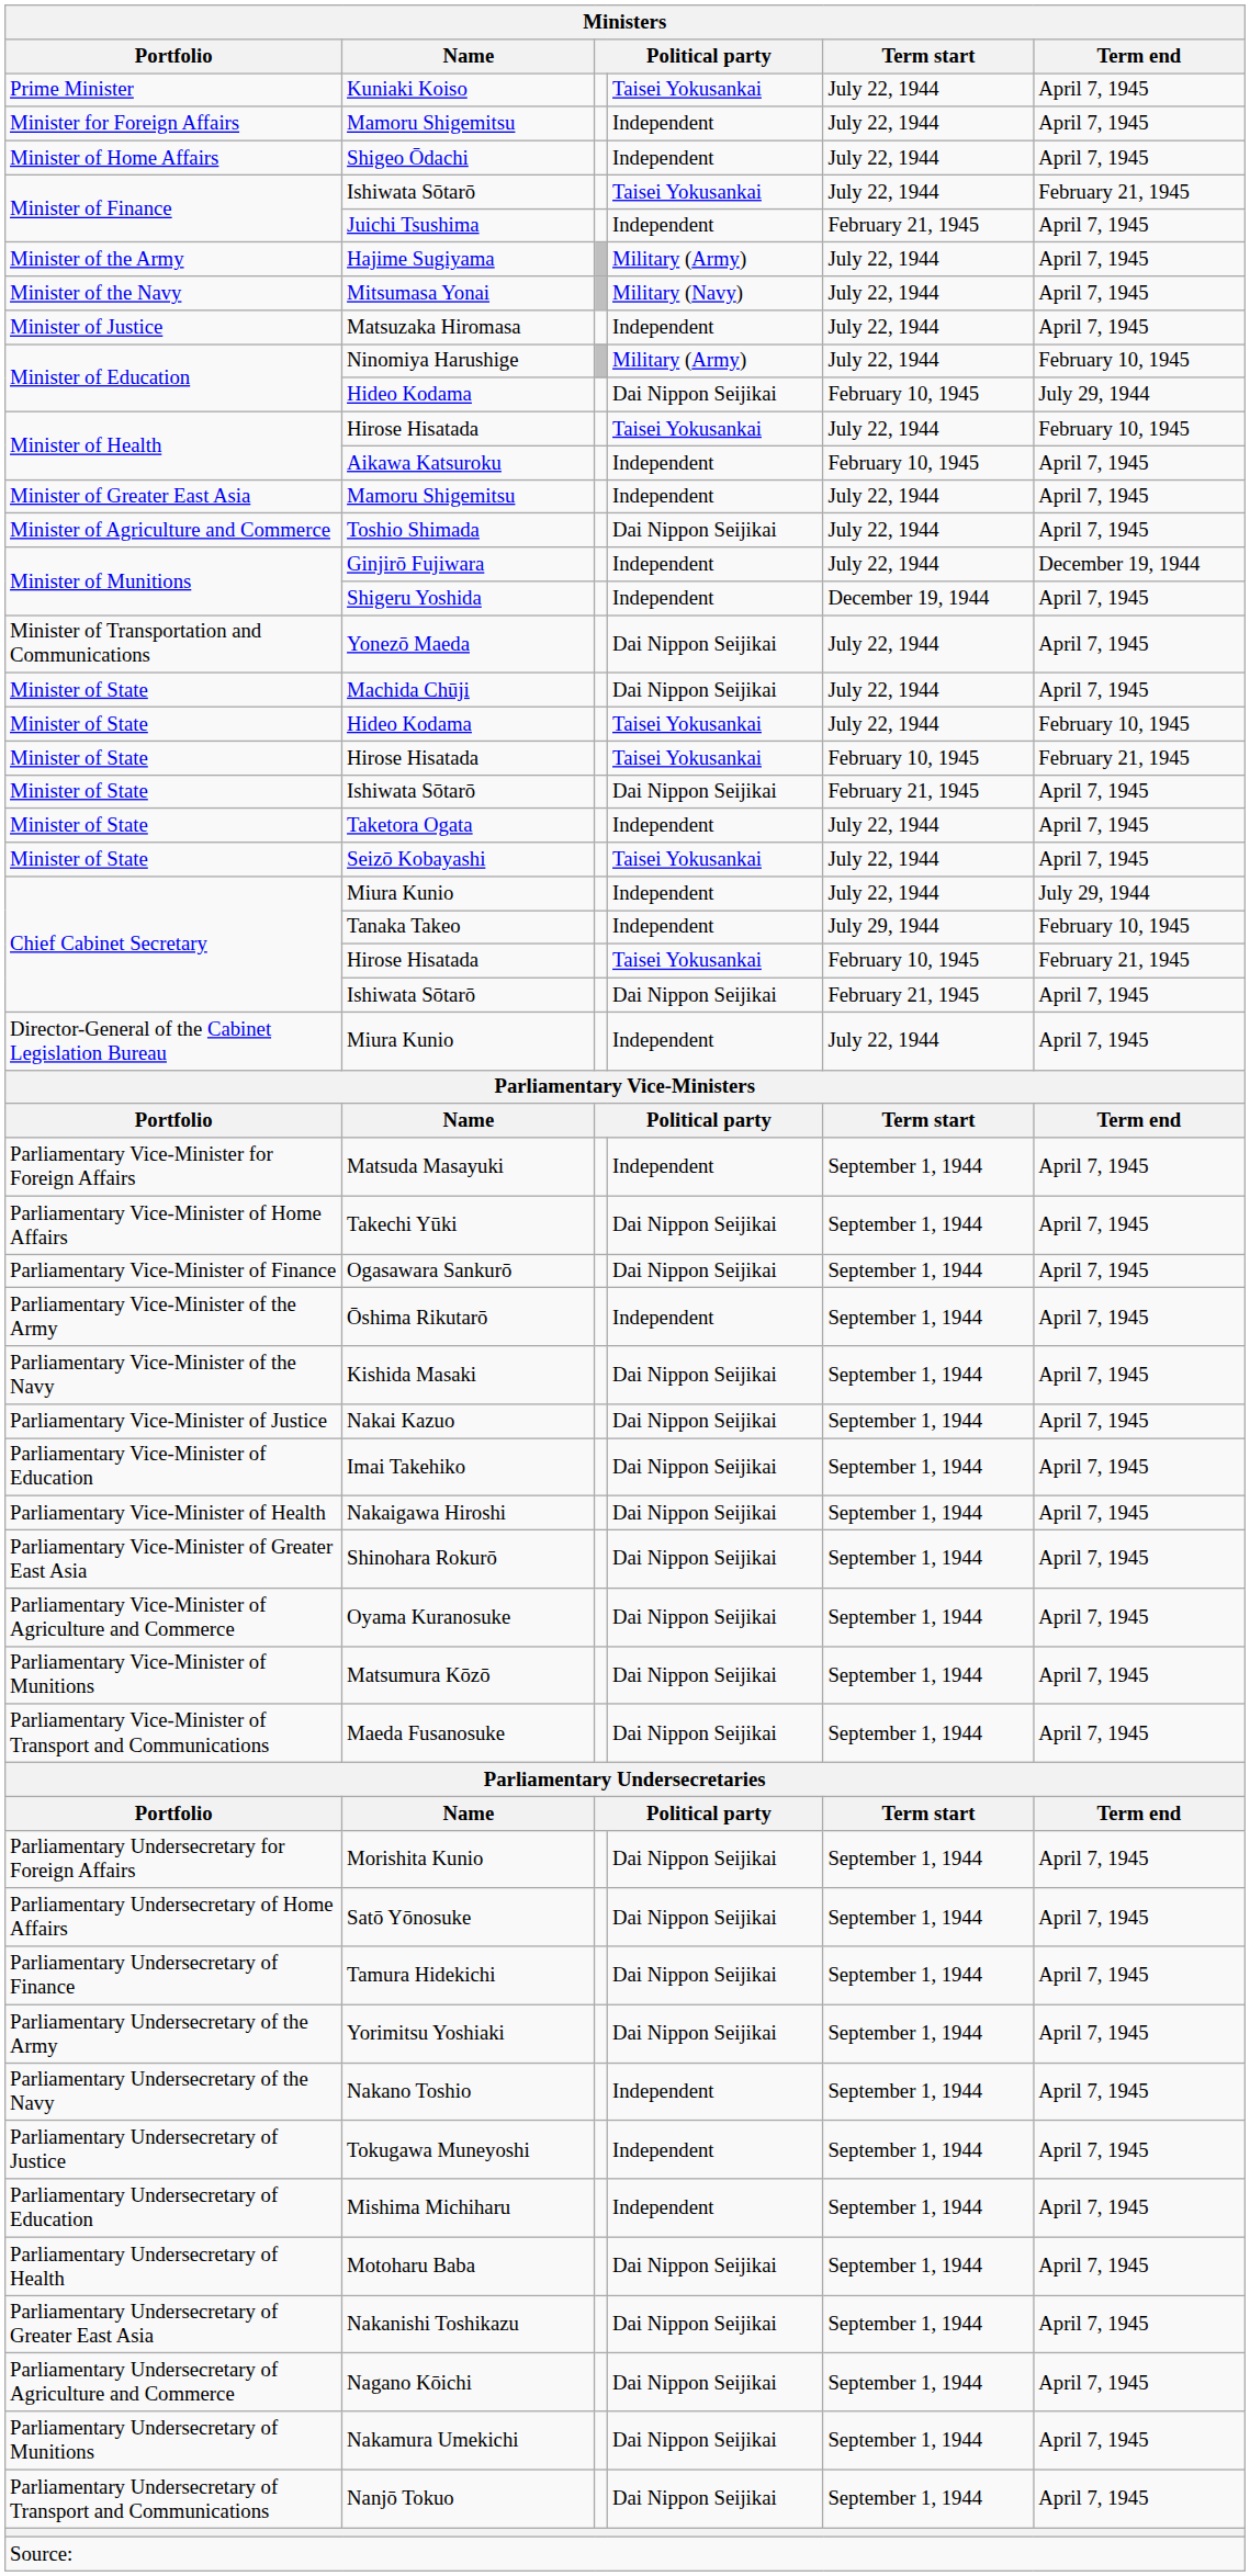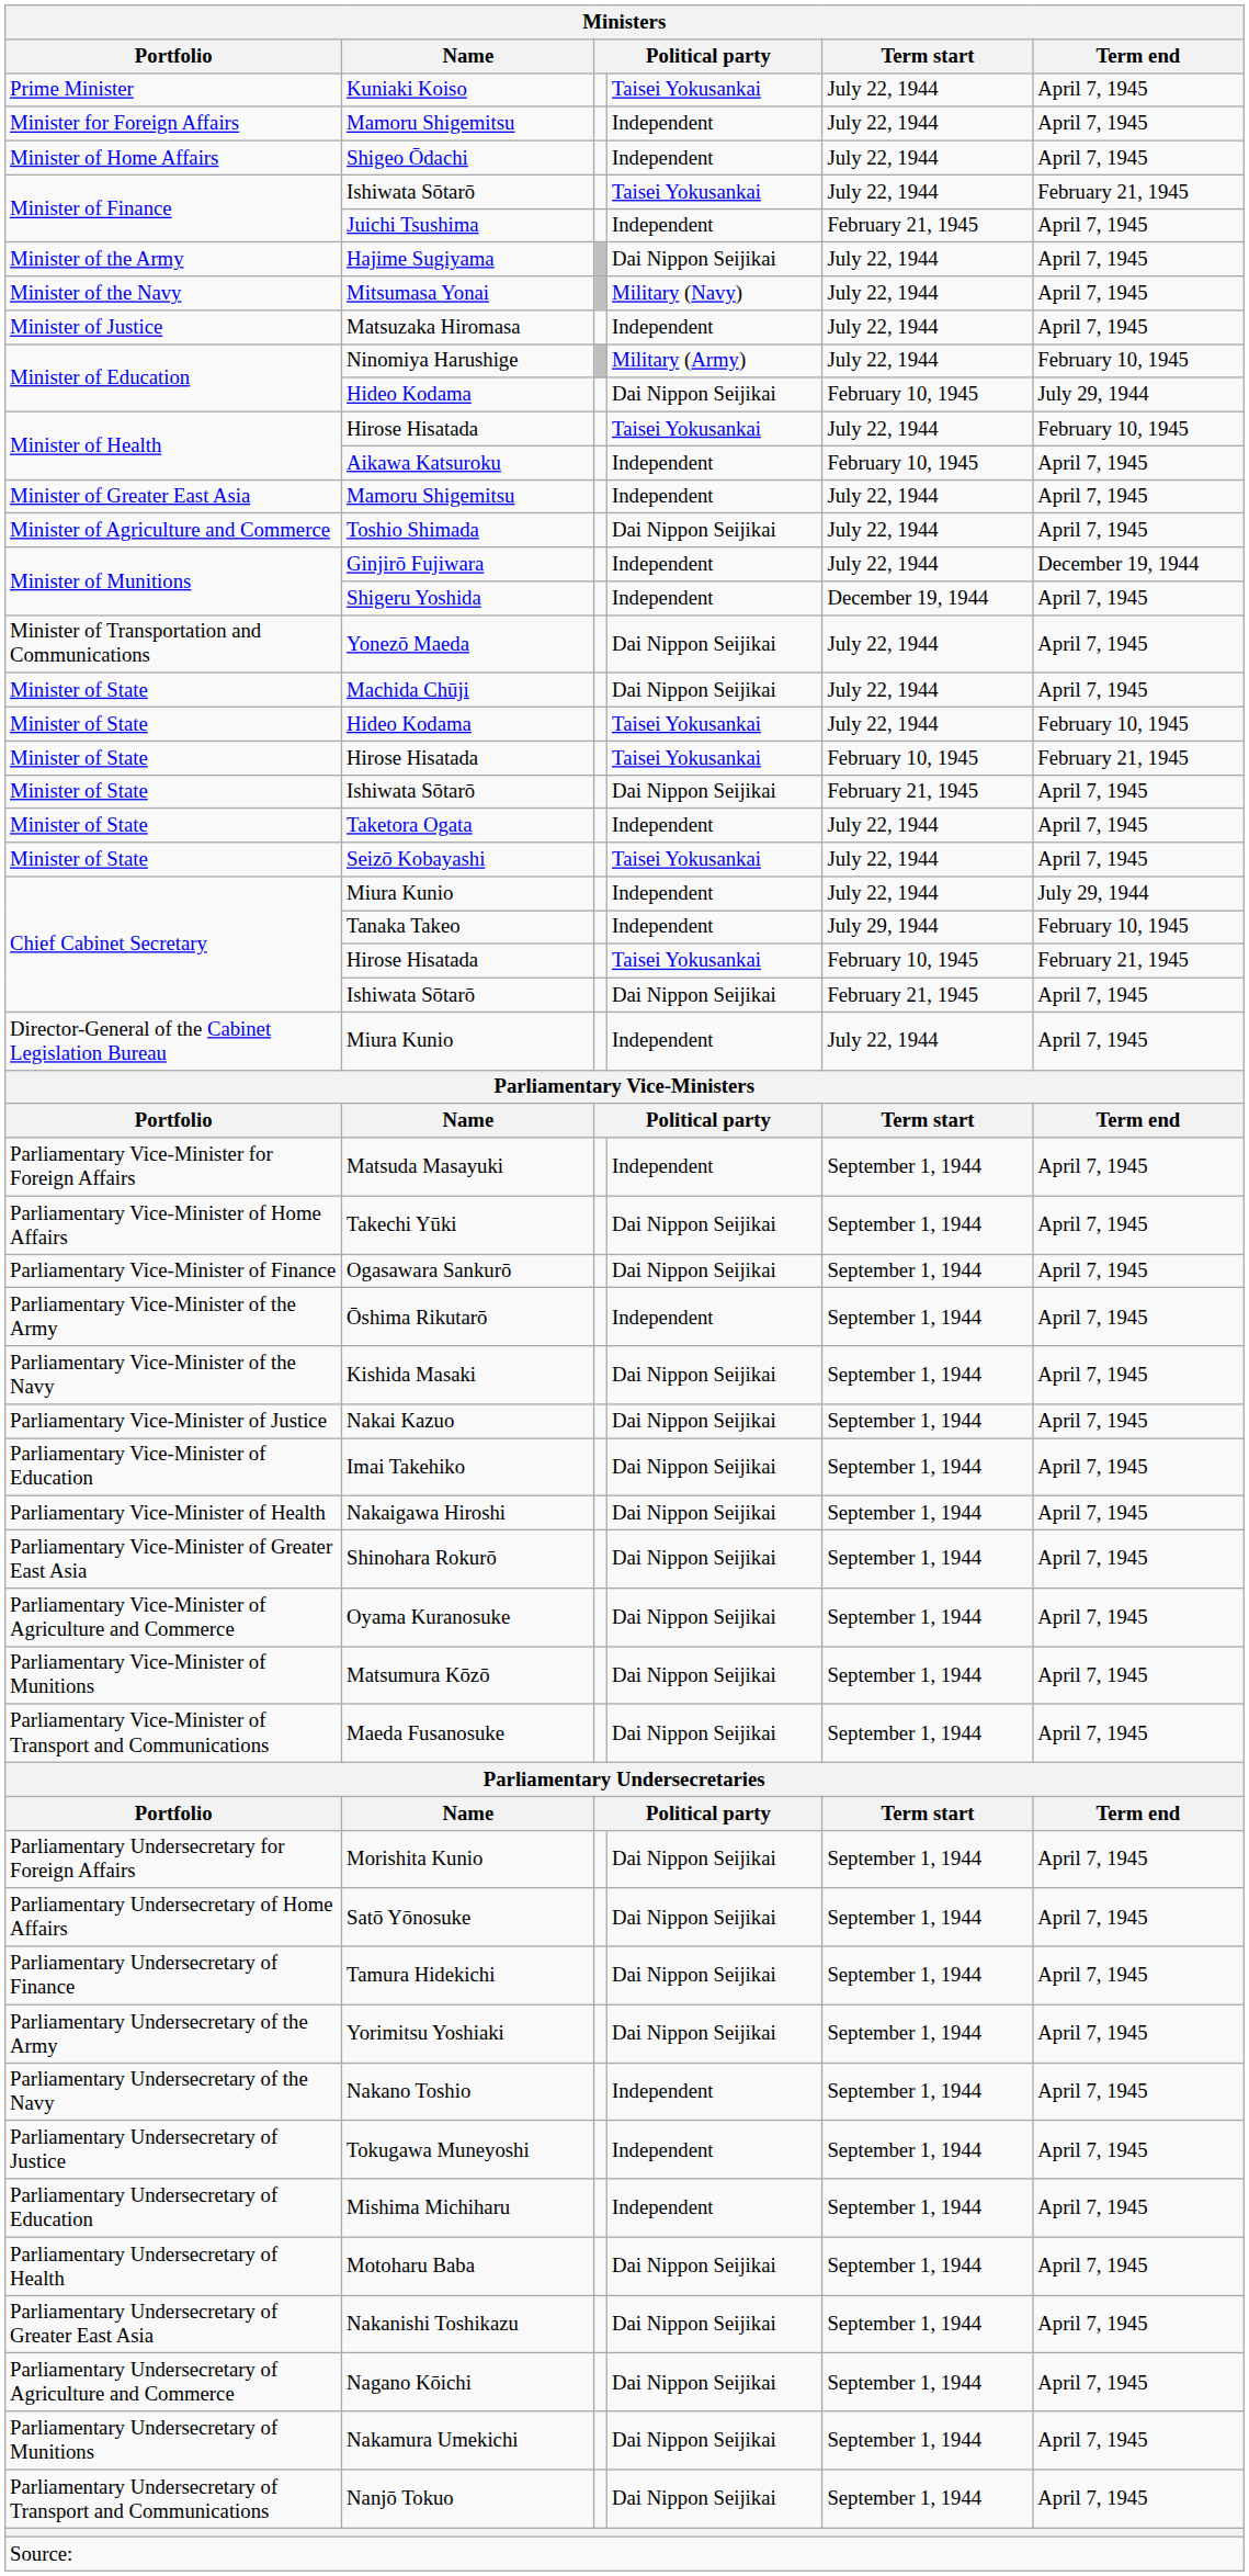 <table class="wikitable unsortable" style="font-size: 90%;">
 <tr>
 <th colspan="6">Ministers</th>
 </tr>
 <tr>
 <th scope="col" width="20%">Portfolio</th>
 <th scope="col" width="15%">Name</th>
 <th colspan="2" scope="col" width="13.5%">Political party</th>
 <th scope="col" width="12.5%">Term start</th>
 <th scope="col" width="12.5%">Term end</th>
 </tr>
 <tr>
 <td style="text-align: left;"><a href='#'>Prime Minister</a></td>
 <td><a href='#'>Kuniaki Koiso</a></td>
 <td style="color:inherit;background:"></td>
 <td><a href='#'>Taisei Yokusankai</a></td>
 <td>July 22, 1944</td>
 <td>April 7, 1945</td>
 </tr>
 <tr>
 <td><a href='#'>Minister for Foreign Affairs</a></td>
 <td><a href='#'>Mamoru Shigemitsu</a></td>
 <td style="color:inherit;background:"></td>
 <td>Independent</td>
 <td>July 22, 1944</td>
 <td>April 7, 1945</td>
 </tr>
 <tr>
 <td><a href='#'>Minister of Home Affairs</a></td>
 <td><a href='#'>Shigeo Ōdachi</a></td>
 <td style="color:inherit;background:"></td>
 <td>Independent</td>
 <td>July 22, 1944</td>
 <td>April 7, 1945</td>
 </tr>
 <tr>
 <td rowspan="2"><a href='#'>Minister of Finance</a></td>
 <td>Ishiwata Sōtarō</td>
 <td style="color:inherit;background:"></td>
 <td><a href='#'>Taisei Yokusankai</a></td>
 <td>July 22, 1944</td>
 <td>February 21, 1945</td>
 </tr>
 <tr>
 <td><a href='#'>Juichi Tsushima</a></td>
 <td style="color:inherit;background:"></td>
 <td>Independent</td>
 <td>February 21, 1945</td>
 <td>April 7, 1945</td>
 </tr>
 <tr>
 <td><a href='#'>Minister of the Army</a></td>
 <td><a href='#'>Hajime Sugiyama</a></td>
 <td style="color:inherit;background:#bfbfbf"></td>
-<td><a href='#'>Military</a> (<a href='#'>Army</a>)</td>
+<td>Dai Nippon Seijikai</td>
 <td>July 22, 1944</td>
 <td>April 7, 1945</td>
 </tr>
 <tr>
 <td><a href='#'>Minister of the Navy</a></td>
 <td><a href='#'>Mitsumasa Yonai</a></td>
 <td style="color:inherit;background:#bfbfbf"></td>
 <td><a href='#'>Military</a> (<a href='#'>Navy</a>)</td>
 <td>July 22, 1944</td>
 <td>April 7, 1945</td>
 </tr>
 <tr>
 <td><a href='#'>Minister of Justice</a></td>
 <td>Matsuzaka Hiromasa</td>
 <td style="color:inherit;background:"></td>
 <td>Independent</td>
 <td>July 22, 1944</td>
 <td>April 7, 1945</td>
 </tr>
 <tr>
 <td rowspan="2"><a href='#'>Minister of Education</a></td>
 <td>Ninomiya Harushige</td>
 <td style="color:inherit;background:#bfbfbf"></td>
 <td><a href='#'>Military</a> (<a href='#'>Army</a>)</td>
 <td>July 22, 1944</td>
 <td>February 10, 1945</td>
 </tr>
 <tr>
 <td><a href='#'>Hideo Kodama</a></td>
 <td style="color:inherit;background:"></td>
 <td>Dai Nippon Seijikai</td>
 <td>February 10, 1945</td>
 <td>July 29, 1944</td>
 </tr>
 <tr>
 <td rowspan="2"><a href='#'>Minister of Health</a></td>
 <td>Hirose Hisatada</td>
 <td style="color:inherit;background:"></td>
 <td><a href='#'>Taisei Yokusankai</a></td>
 <td>July 22, 1944</td>
 <td>February 10, 1945</td>
 </tr>
 <tr>
 <td><a href='#'>Aikawa Katsuroku</a></td>
 <td style="color:inherit;background:"></td>
 <td>Independent</td>
 <td>February 10, 1945</td>
 <td>April 7, 1945</td>
 </tr>
 <tr>
 <td><a href='#'>Minister of Greater East Asia</a></td>
 <td><a href='#'>Mamoru Shigemitsu</a></td>
 <td style="color:inherit;background:"></td>
 <td>Independent</td>
 <td>July 22, 1944</td>
 <td>April 7, 1945</td>
 </tr>
 <tr>
 <td><a href='#'>Minister of Agriculture and Commerce</a></td>
 <td><a href='#'>Toshio Shimada</a></td>
 <td style="color:inherit;background:"></td>
 <td>Dai Nippon Seijikai</td>
 <td>July 22, 1944</td>
 <td>April 7, 1945</td>
 </tr>
 <tr>
 <td rowspan="2"><a href='#'>Minister of Munitions</a></td>
 <td><a href='#'>Ginjirō Fujiwara</a></td>
 <td style="color:inherit;background:"></td>
 <td>Independent</td>
 <td>July 22, 1944</td>
 <td>December 19, 1944</td>
 </tr>
 <tr>
 <td><a href='#'>Shigeru Yoshida</a></td>
 <td style="color:inherit;background:"></td>
 <td>Independent</td>
 <td>December 19, 1944</td>
 <td>April 7, 1945</td>
 </tr>
 <tr>
 <td>Minister of Transportation and Communications</td>
 <td><a href='#'>Yonezō Maeda</a></td>
 <td style="color:inherit;background:"></td>
 <td>Dai Nippon Seijikai</td>
 <td>July 22, 1944</td>
 <td>April 7, 1945</td>
 </tr>
 <tr>
 <td><a href='#'>Minister of State</a></td>
 <td><a href='#'>Machida Chūji</a></td>
 <td style="color:inherit;background:"></td>
 <td>Dai Nippon Seijikai</td>
 <td>July 22, 1944</td>
 <td>April 7, 1945</td>
 </tr>
 <tr>
 <td><a href='#'>Minister of State</a></td>
 <td><a href='#'>Hideo Kodama</a></td>
 <td style="color:inherit;background:"></td>
 <td><a href='#'>Taisei Yokusankai</a></td>
 <td>July 22, 1944</td>
 <td>February 10, 1945</td>
 </tr>
 <tr>
 <td><a href='#'>Minister of State</a></td>
 <td>Hirose Hisatada</td>
 <td style="color:inherit;background:"></td>
 <td><a href='#'>Taisei Yokusankai</a></td>
 <td>February 10, 1945</td>
 <td>February 21, 1945</td>
 </tr>
 <tr>
 <td><a href='#'>Minister of State</a></td>
 <td>Ishiwata Sōtarō</td>
 <td style="color:inherit;background:"></td>
 <td>Dai Nippon Seijikai</td>
 <td>February 21, 1945</td>
 <td>April 7, 1945</td>
 </tr>
 <tr>
 <td><a href='#'>Minister of State</a></td>
 <td><a href='#'>Taketora Ogata</a></td>
 <td style="color:inherit;background:"></td>
 <td>Independent</td>
 <td>July 22, 1944</td>
 <td>April 7, 1945</td>
 </tr>
 <tr>
 <td><a href='#'>Minister of State</a></td>
 <td><a href='#'>Seizō Kobayashi</a></td>
 <td style="color:inherit;background:"></td>
 <td><a href='#'>Taisei Yokusankai</a></td>
 <td>July 22, 1944</td>
 <td>April 7, 1945</td>
 </tr>
 <tr>
 <td rowspan="4"><a href='#'>Chief Cabinet Secretary</a></td>
 <td>Miura Kunio</td>
 <td style="color:inherit;background:"></td>
 <td>Independent</td>
 <td>July 22, 1944</td>
 <td>July 29, 1944</td>
 </tr>
 <tr>
 <td>Tanaka Takeo</td>
 <td style="color:inherit;background:"></td>
 <td>Independent</td>
 <td>July 29, 1944</td>
 <td>February 10, 1945</td>
 </tr>
 <tr>
 <td>Hirose Hisatada</td>
 <td style="color:inherit;background:"></td>
 <td><a href='#'>Taisei Yokusankai</a></td>
 <td>February 10, 1945</td>
 <td>February 21, 1945</td>
 </tr>
 <tr>
 <td>Ishiwata Sōtarō</td>
 <td style="color:inherit;background:"></td>
 <td>Dai Nippon Seijikai</td>
 <td>February 21, 1945</td>
 <td>April 7, 1945</td>
 </tr>
 <tr>
 <td>Director-General of the <a href='#'>Cabinet Legislation Bureau</a></td>
 <td>Miura Kunio</td>
 <td style="color:inherit;background:"></td>
 <td>Independent</td>
 <td>July 22, 1944</td>
 <td>April 7, 1945</td>
 </tr>
 <tr>
 <th colspan="6">Parliamentary Vice-Ministers</th>
 </tr>
 <tr>
 <th>Portfolio</th>
 <th>Name</th>
 <th colspan="2">Political party</th>
 <th>Term start</th>
 <th>Term end</th>
 </tr>
 <tr>
 <td>Parliamentary Vice-Minister for Foreign Affairs</td>
 <td>Matsuda Masayuki</td>
 <td style="color:inherit;background:"></td>
 <td>Independent</td>
 <td>September 1, 1944</td>
 <td>April 7, 1945</td>
 </tr>
 <tr>
 <td>Parliamentary Vice-Minister of Home Affairs</td>
 <td>Takechi Yūki</td>
 <td style="color:inherit;background:"></td>
 <td>Dai Nippon Seijikai</td>
 <td>September 1, 1944</td>
 <td>April 7, 1945</td>
 </tr>
 <tr>
 <td>Parliamentary Vice-Minister of Finance</td>
 <td>Ogasawara Sankurō</td>
 <td style="color:inherit;background:"></td>
 <td>Dai Nippon Seijikai</td>
 <td>September 1, 1944</td>
 <td>April 7, 1945</td>
 </tr>
 <tr>
 <td>Parliamentary Vice-Minister of the Army</td>
 <td>Ōshima Rikutarō</td>
 <td style="color:inherit;background:"></td>
 <td>Independent</td>
 <td>September 1, 1944</td>
 <td>April 7, 1945</td>
 </tr>
 <tr>
 <td>Parliamentary Vice-Minister of the Navy</td>
 <td>Kishida Masaki</td>
 <td style="color:inherit;background:"></td>
 <td>Dai Nippon Seijikai</td>
 <td>September 1, 1944</td>
 <td>April 7, 1945</td>
 </tr>
 <tr>
 <td>Parliamentary Vice-Minister of Justice</td>
 <td>Nakai Kazuo</td>
 <td style="color:inherit;background:"></td>
 <td>Dai Nippon Seijikai</td>
 <td>September 1, 1944</td>
 <td>April 7, 1945</td>
 </tr>
 <tr>
 <td>Parliamentary Vice-Minister of Education</td>
 <td>Imai Takehiko</td>
 <td style="color:inherit;background:"></td>
 <td>Dai Nippon Seijikai</td>
 <td>September 1, 1944</td>
 <td>April 7, 1945</td>
 </tr>
 <tr>
 <td>Parliamentary Vice-Minister of Health</td>
 <td>Nakaigawa Hiroshi</td>
 <td style="color:inherit;background:"></td>
 <td>Dai Nippon Seijikai</td>
 <td>September 1, 1944</td>
 <td>April 7, 1945</td>
 </tr>
 <tr>
 <td>Parliamentary Vice-Minister of Greater East Asia</td>
 <td>Shinohara Rokurō</td>
 <td style="color:inherit;background:"></td>
 <td>Dai Nippon Seijikai</td>
 <td>September 1, 1944</td>
 <td>April 7, 1945</td>
 </tr>
 <tr>
 <td>Parliamentary Vice-Minister of Agriculture and Commerce</td>
 <td>Oyama Kuranosuke</td>
 <td style="color:inherit;background:"></td>
 <td>Dai Nippon Seijikai</td>
 <td>September 1, 1944</td>
 <td>April 7, 1945</td>
 </tr>
 <tr>
 <td>Parliamentary Vice-Minister of Munitions</td>
 <td>Matsumura Kōzō</td>
 <td style="color:inherit;background:"></td>
 <td>Dai Nippon Seijikai</td>
 <td>September 1, 1944</td>
 <td>April 7, 1945</td>
 </tr>
 <tr>
 <td>Parliamentary Vice-Minister of Transport and Communications</td>
 <td>Maeda Fusanosuke</td>
 <td style="color:inherit;background:"></td>
 <td>Dai Nippon Seijikai</td>
 <td>September 1, 1944</td>
 <td>April 7, 1945</td>
 </tr>
 <tr>
 <th colspan="6">Parliamentary Undersecretaries</th>
 </tr>
 <tr>
 <th>Portfolio</th>
 <th>Name</th>
 <th colspan="2">Political party</th>
 <th>Term start</th>
 <th>Term end</th>
 </tr>
 <tr>
 <td>Parliamentary Undersecretary for Foreign Affairs</td>
 <td>Morishita Kunio</td>
 <td style="color:inherit;background:"></td>
 <td>Dai Nippon Seijikai</td>
 <td>September 1, 1944</td>
 <td>April 7, 1945</td>
 </tr>
 <tr>
 <td>Parliamentary Undersecretary of Home Affairs</td>
 <td>Satō Yōnosuke</td>
 <td style="color:inherit;background:"></td>
 <td>Dai Nippon Seijikai</td>
 <td>September 1, 1944</td>
 <td>April 7, 1945</td>
 </tr>
 <tr>
 <td>Parliamentary Undersecretary of Finance</td>
 <td>Tamura Hidekichi</td>
 <td style="color:inherit;background:"></td>
 <td>Dai Nippon Seijikai</td>
 <td>September 1, 1944</td>
 <td>April 7, 1945</td>
 </tr>
 <tr>
 <td>Parliamentary Undersecretary of the Army</td>
 <td>Yorimitsu Yoshiaki</td>
 <td style="color:inherit;background:"></td>
 <td>Dai Nippon Seijikai</td>
 <td>September 1, 1944</td>
 <td>April 7, 1945</td>
 </tr>
 <tr>
 <td>Parliamentary Undersecretary of the Navy</td>
 <td>Nakano Toshio</td>
 <td style="color:inherit;background:"></td>
 <td>Independent</td>
 <td>September 1, 1944</td>
 <td>April 7, 1945</td>
 </tr>
 <tr>
 <td>Parliamentary Undersecretary of Justice</td>
 <td>Tokugawa Muneyoshi</td>
 <td style="color:inherit;background:"></td>
 <td>Independent</td>
 <td>September 1, 1944</td>
 <td>April 7, 1945</td>
 </tr>
 <tr>
 <td>Parliamentary Undersecretary of Education</td>
 <td>Mishima Michiharu</td>
 <td style="color:inherit;background:"></td>
 <td>Independent</td>
 <td>September 1, 1944</td>
 <td>April 7, 1945</td>
 </tr>
 <tr>
 <td>Parliamentary Undersecretary of Health</td>
 <td>Motoharu Baba</td>
 <td style="color:inherit;background:"></td>
 <td>Dai Nippon Seijikai</td>
 <td>September 1, 1944</td>
 <td>April 7, 1945</td>
 </tr>
 <tr>
 <td>Parliamentary Undersecretary of Greater East Asia</td>
 <td>Nakanishi Toshikazu</td>
 <td style="color:inherit;background:"></td>
 <td>Dai Nippon Seijikai</td>
 <td>September 1, 1944</td>
 <td>April 7, 1945</td>
 </tr>
 <tr>
 <td>Parliamentary Undersecretary of Agriculture and Commerce</td>
 <td>Nagano Kōichi</td>
 <td style="color:inherit;background:"></td>
 <td>Dai Nippon Seijikai</td>
 <td>September 1, 1944</td>
 <td>April 7, 1945</td>
 </tr>
 <tr>
 <td>Parliamentary Undersecretary of Munitions</td>
 <td>Nakamura Umekichi</td>
 <td style="color:inherit;background:"></td>
 <td>Dai Nippon Seijikai</td>
 <td>September 1, 1944</td>
 <td>April 7, 1945</td>
 </tr>
 <tr>
 <td>Parliamentary Undersecretary of Transport and Communications</td>
 <td>Nanjō Tokuo</td>
 <td style="color:inherit;background:"></td>
 <td>Dai Nippon Seijikai</td>
 <td>September 1, 1944</td>
 <td>April 7, 1945</td>
 </tr>
 <tr>
 <th colspan="6"></th>
 </tr>
 <tr>
 <td colspan="6">Source:</td>
 </tr>
 </table>
